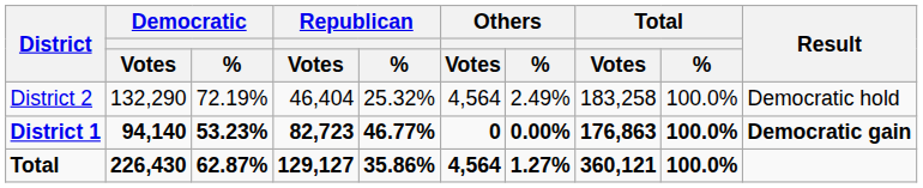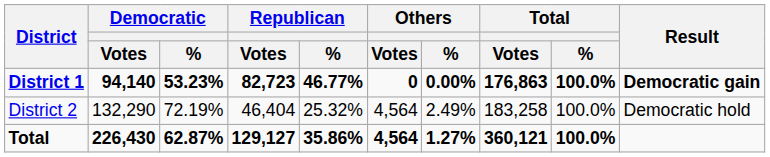 <table class="wikitable plainrowheaders sortable" style="font-size:100%; text-align:right;">
 <tr>
 <th scope=col rowspan=3><a href='#'>District</a></th>
 <th scope=col colspan=2><a href='#'>Democratic</a></th>
 <th scope=col colspan=2><a href='#'>Republican</a></th>
 <th scope=col colspan=2>Others</th>
 <th scope=col colspan=2>Total</th>
 <th scope=col rowspan=3>Result</th>
 </tr>
 <tr>
 <th scope=col colspan=2 style="background:"></th>
 <th scope=col colspan=2 style="background:"></th>
 <th scope=col colspan=2></th>
 <th scope=col colspan=2></th>
 </tr>
 <tr>
 <th scope=col data-sort-type="number">Votes</th>
 <th scope=col data-sort-type="number">%</th>
 <th scope=col data-sort-type="number">Votes</th>
 <th scope=col data-sort-type="number">%</th>
 <th scope=col data-sort-type="number">Votes</th>
 <th scope=col data-sort-type="number">%</th>
 <th scope=col data-sort-type="number">Votes</th>
 <th scope=col data-sort-type="number">%</th>
 </tr>
 <tr>
+<td align=left><strong><a href='#'>District 1</a></strong></td>
+<td><strong>94,140</strong></td>
+<td><strong>53.23%</strong></td>
+<td><strong>82,723</strong></td>
+<td><strong>46.77%</strong></td>
+<td><strong>0</strong></td>
+<td><strong>0.00%</strong></td>
+<td><strong>176,863</strong></td>
+<td><strong>100.0%</strong></td>
+<td align=left><strong>Democratic gain</strong></td>
+</tr>
+<tr>
 <td align=left><a href='#'>District 2</a></td>
 <td>132,290</td>
 <td>72.19%</td>
 <td>46,404</td>
 <td>25.32%</td>
 <td>4,564</td>
 <td>2.49%</td>
 <td>183,258</td>
 <td>100.0%</td>
 <td align=left>Democratic hold</td>
-</tr>
-<tr>
-<td align=left><strong><a href='#'>District 1</a></strong></td>
-<td><strong>94,140</strong></td>
-<td><strong>53.23%</strong></td>
-<td><strong>82,723</strong></td>
-<td><strong>46.77%</strong></td>
-<td><strong>0</strong></td>
-<td><strong>0.00%</strong></td>
-<td><strong>176,863</strong></td>
-<td><strong>100.0%</strong></td>
-<td align=left><strong>Democratic gain</strong></td>
 </tr>
 <tr class="sortbottom" style="font-weight:bold">
 <td align=left>Total</td>
 <td>226,430</td>
 <td>62.87%</td>
 <td>129,127</td>
 <td>35.86%</td>
 <td>4,564</td>
 <td>1.27%</td>
 <td>360,121</td>
 <td>100.0%</td>
 <td></td>
 </tr>
 </table>
